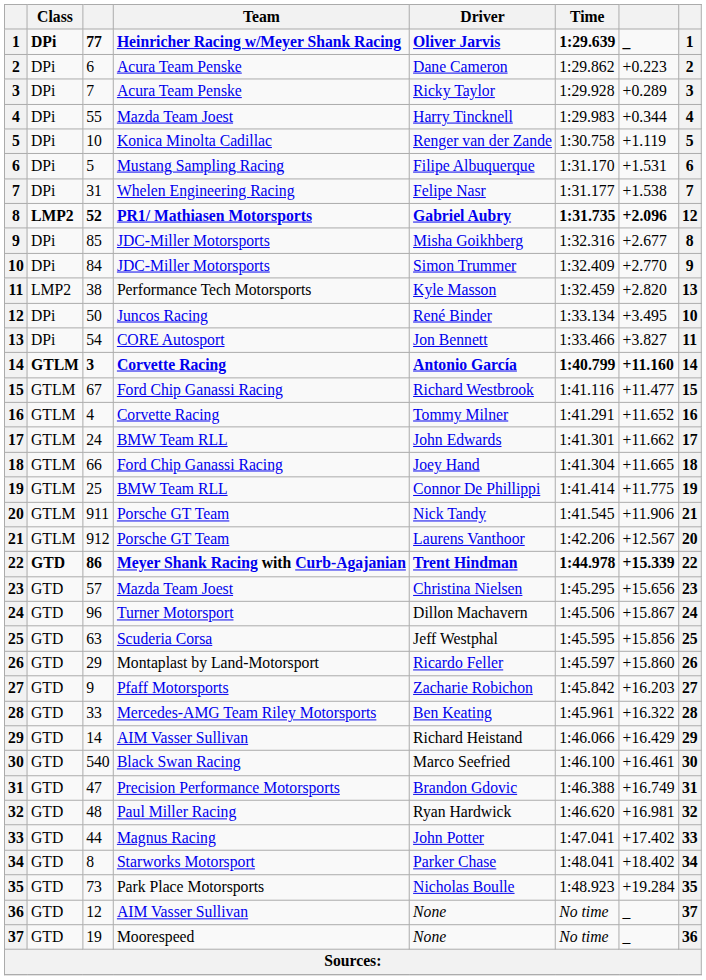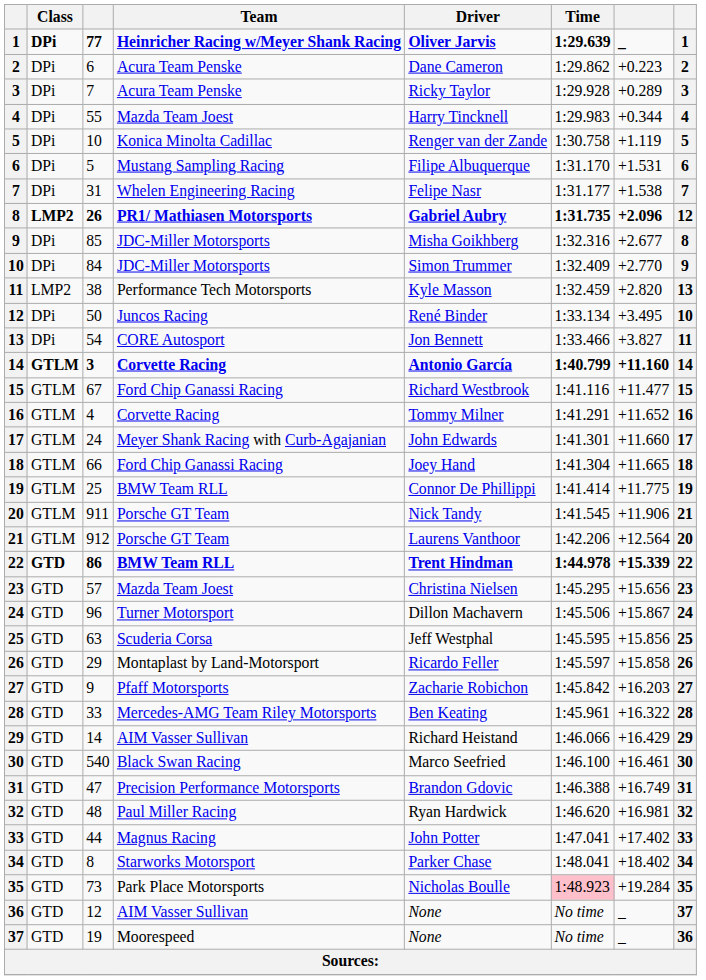 <table class="wikitable">
 <tr>
 <th scope="col"></th>
 <th scope="col">Class</th>
 <th scope="col"></th>
 <th scope="col">Team</th>
 <th scope="col">Driver</th>
 <th scope="col">Time</th>
 <th scope="col"></th>
 <th scope="col"></th>
 </tr>
 <tr style="font-weight:bold">
 <th scope="row">1</th>
 <td>DPi</td>
 <td>77</td>
 <td> <a href='#'>Heinricher Racing w/Meyer Shank Racing</a></td>
 <td> <a href='#'>Oliver Jarvis</a></td>
 <td>1:29.639</td>
 <td>_</td>
 <th>1</th>
 </tr>
 <tr>
 <th scope="row">2</th>
 <td>DPi</td>
 <td>6</td>
 <td> <a href='#'>Acura Team Penske</a></td>
 <td> <a href='#'>Dane Cameron</a></td>
 <td>1:29.862</td>
 <td>+0.223</td>
 <th>2</th>
 </tr>
 <tr>
 <th scope="row">3</th>
 <td>DPi</td>
 <td>7</td>
 <td> <a href='#'>Acura Team Penske</a></td>
 <td> <a href='#'>Ricky Taylor</a></td>
 <td>1:29.928</td>
 <td>+0.289</td>
 <th>3</th>
 </tr>
 <tr>
 <th scope="row">4</th>
 <td>DPi</td>
 <td>55</td>
 <td> <a href='#'>Mazda Team Joest</a></td>
 <td> <a href='#'>Harry Tincknell</a></td>
 <td>1:29.983</td>
 <td>+0.344</td>
 <th>4</th>
 </tr>
 <tr>
 <th scope="row">5</th>
 <td>DPi</td>
 <td>10</td>
 <td> <a href='#'>Konica Minolta Cadillac</a></td>
 <td> <a href='#'>Renger van der Zande</a></td>
 <td>1:30.758</td>
 <td>+1.119</td>
 <th>5</th>
 </tr>
 <tr>
 <th scope="row">6</th>
 <td>DPi</td>
 <td>5</td>
 <td> <a href='#'>Mustang Sampling Racing</a></td>
 <td> <a href='#'>Filipe Albuquerque</a></td>
 <td>1:31.170</td>
 <td>+1.531</td>
 <th>6</th>
 </tr>
 <tr>
 <th scope="row">7</th>
 <td>DPi</td>
 <td>31</td>
 <td> <a href='#'>Whelen Engineering Racing</a></td>
 <td> <a href='#'>Felipe Nasr</a></td>
 <td>1:31.177</td>
 <td>+1.538</td>
 <th>7</th>
 </tr>
 <tr style="font-weight:bold">
 <th scope="row">8</th>
 <td>LMP2</td>
-<td>52</td>
+<td>26</td>
 <td> <a href='#'>PR1/ Mathiasen Motorsports</a></td>
 <td> <a href='#'>Gabriel Aubry</a></td>
 <td>1:31.735</td>
 <td>+2.096</td>
 <th>12</th>
 </tr>
 <tr>
 <th scope="row">9</th>
 <td>DPi</td>
 <td>85</td>
 <td> <a href='#'>JDC-Miller Motorsports</a></td>
 <td> <a href='#'>Misha Goikhberg</a></td>
 <td>1:32.316</td>
 <td>+2.677</td>
 <th>8</th>
 </tr>
 <tr>
 <th scope="row">10</th>
 <td>DPi</td>
 <td>84</td>
 <td> <a href='#'>JDC-Miller Motorsports</a></td>
 <td> <a href='#'>Simon Trummer</a></td>
 <td>1:32.409</td>
 <td>+2.770</td>
 <th>9</th>
 </tr>
 <tr>
 <th scope="row">11</th>
 <td>LMP2</td>
 <td>38</td>
 <td> Performance Tech Motorsports</td>
 <td> <a href='#'>Kyle Masson</a></td>
 <td>1:32.459</td>
 <td>+2.820</td>
 <th>13</th>
 </tr>
 <tr>
 <th scope="row">12</th>
 <td>DPi</td>
 <td>50</td>
 <td> <a href='#'>Juncos Racing</a></td>
 <td> <a href='#'>René Binder</a></td>
 <td>1:33.134</td>
 <td>+3.495</td>
 <th>10</th>
 </tr>
 <tr>
 <th scope="row">13</th>
 <td>DPi</td>
 <td>54</td>
 <td> <a href='#'>CORE Autosport</a></td>
 <td> <a href='#'>Jon Bennett</a></td>
 <td>1:33.466</td>
 <td>+3.827</td>
 <th>11</th>
 </tr>
 <tr style="font-weight:bold">
 <th scope="row">14</th>
 <td>GTLM</td>
 <td>3</td>
 <td> <a href='#'>Corvette Racing</a></td>
 <td> <a href='#'>Antonio García</a></td>
 <td>1:40.799</td>
 <td>+11.160</td>
 <th>14</th>
 </tr>
 <tr>
 <th scope="row">15</th>
 <td>GTLM</td>
 <td>67</td>
 <td> <a href='#'>Ford Chip Ganassi Racing</a></td>
 <td> <a href='#'>Richard Westbrook</a></td>
 <td>1:41.116</td>
 <td>+11.477</td>
 <th>15</th>
 </tr>
 <tr>
 <th scope="row">16</th>
 <td>GTLM</td>
 <td>4</td>
 <td> <a href='#'>Corvette Racing</a></td>
 <td> <a href='#'>Tommy Milner</a></td>
 <td>1:41.291</td>
 <td>+11.652</td>
 <th>16</th>
 </tr>
 <tr>
 <th scope="row">17</th>
 <td>GTLM</td>
 <td>24</td>
-<td> <a href='#'>BMW Team RLL</a></td>
+<td> <a href='#'>Meyer Shank Racing</a> with <a href='#'>Curb-Agajanian</a></td>
 <td> <a href='#'>John Edwards</a></td>
 <td>1:41.301</td>
-<td>+11.662</td>
+<td>+11.660</td>
 <th>17</th>
 </tr>
 <tr>
 <th scope="row">18</th>
 <td>GTLM</td>
 <td>66</td>
 <td> <a href='#'>Ford Chip Ganassi Racing</a></td>
 <td> <a href='#'>Joey Hand</a></td>
 <td>1:41.304</td>
 <td>+11.665</td>
 <th>18</th>
 </tr>
 <tr>
 <th scope="row">19</th>
 <td>GTLM</td>
 <td>25</td>
 <td> <a href='#'>BMW Team RLL</a></td>
 <td> <a href='#'>Connor De Phillippi</a></td>
 <td>1:41.414</td>
 <td>+11.775</td>
 <th>19</th>
 </tr>
 <tr>
 <th scope="row">20</th>
 <td>GTLM</td>
 <td>911</td>
 <td> <a href='#'>Porsche GT Team</a></td>
 <td> <a href='#'>Nick Tandy</a></td>
 <td>1:41.545</td>
 <td>+11.906</td>
 <th>21</th>
 </tr>
 <tr>
 <th scope="row">21</th>
 <td>GTLM</td>
 <td>912</td>
 <td> <a href='#'>Porsche GT Team</a></td>
 <td> <a href='#'>Laurens Vanthoor</a></td>
 <td>1:42.206</td>
-<td>+12.567</td>
+<td>+12.564</td>
 <th>20</th>
 </tr>
 <tr style="font-weight:bold">
 <th scope="row">22</th>
 <td>GTD</td>
 <td>86</td>
-<td> <a href='#'>Meyer Shank Racing</a> with <a href='#'>Curb-Agajanian</a></td>
+<td> <a href='#'>BMW Team RLL</a></td>
 <td> <a href='#'>Trent Hindman</a></td>
 <td>1:44.978</td>
 <td>+15.339</td>
 <th>22</th>
 </tr>
 <tr>
 <th scope="row">23</th>
 <td>GTD</td>
 <td>57</td>
 <td> <a href='#'>Mazda Team Joest</a></td>
 <td> <a href='#'>Christina Nielsen</a></td>
 <td>1:45.295</td>
 <td>+15.656</td>
 <th>23</th>
 </tr>
 <tr>
 <th scope="row">24</th>
 <td>GTD</td>
 <td>96</td>
 <td> <a href='#'>Turner Motorsport</a></td>
 <td> Dillon Machavern</td>
 <td>1:45.506</td>
 <td>+15.867</td>
 <th>24</th>
 </tr>
 <tr>
 <th scope="row">25</th>
 <td>GTD</td>
 <td>63</td>
 <td> <a href='#'>Scuderia Corsa</a></td>
 <td> Jeff Westphal</td>
 <td>1:45.595</td>
 <td>+15.856</td>
 <th>25</th>
 </tr>
 <tr>
 <th scope="row">26</th>
 <td>GTD</td>
 <td>29</td>
 <td> Montaplast by Land-Motorsport</td>
 <td> <a href='#'>Ricardo Feller</a></td>
 <td>1:45.597</td>
-<td>+15.860</td>
+<td>+15.858</td>
 <th>26</th>
 </tr>
 <tr>
 <th scope="row">27</th>
 <td>GTD</td>
 <td>9</td>
 <td> <a href='#'>Pfaff Motorsports</a></td>
 <td> <a href='#'>Zacharie Robichon</a></td>
 <td>1:45.842</td>
 <td>+16.203</td>
 <th>27</th>
 </tr>
 <tr>
 <th scope="row">28</th>
 <td>GTD</td>
 <td>33</td>
 <td> <a href='#'>Mercedes-AMG Team Riley Motorsports</a></td>
 <td> <a href='#'>Ben Keating</a></td>
 <td>1:45.961</td>
 <td>+16.322</td>
 <th>28</th>
 </tr>
 <tr>
 <th scope="row">29</th>
 <td>GTD</td>
 <td>14</td>
 <td> <a href='#'>AIM Vasser Sullivan</a></td>
 <td> Richard Heistand</td>
 <td>1:46.066</td>
 <td>+16.429</td>
 <th>29</th>
 </tr>
 <tr>
 <th scope="row">30</th>
 <td>GTD</td>
 <td>540</td>
 <td> <a href='#'>Black Swan Racing</a></td>
 <td> Marco Seefried</td>
 <td>1:46.100</td>
 <td>+16.461</td>
 <th>30</th>
 </tr>
 <tr>
 <th scope="row">31</th>
 <td>GTD</td>
 <td>47</td>
 <td> <a href='#'>Precision Performance Motorsports</a></td>
 <td> <a href='#'>Brandon Gdovic</a></td>
 <td>1:46.388</td>
 <td>+16.749</td>
 <th>31</th>
 </tr>
 <tr>
 <th scope="row">32</th>
 <td>GTD</td>
 <td>48</td>
 <td> <a href='#'>Paul Miller Racing</a></td>
 <td> Ryan Hardwick</td>
 <td>1:46.620</td>
 <td>+16.981</td>
 <th>32</th>
 </tr>
 <tr>
 <th scope="row">33</th>
 <td>GTD</td>
 <td>44</td>
 <td> <a href='#'>Magnus Racing</a></td>
 <td> <a href='#'>John Potter</a></td>
 <td>1:47.041</td>
 <td>+17.402</td>
 <th>33</th>
 </tr>
 <tr>
 <th scope="row">34</th>
 <td>GTD</td>
 <td>8</td>
 <td> <a href='#'>Starworks Motorsport</a></td>
 <td> <a href='#'>Parker Chase</a></td>
 <td>1:48.041</td>
 <td>+18.402</td>
 <th>34</th>
 </tr>
 <tr>
 <th scope="row">35</th>
 <td>GTD</td>
 <td>73</td>
 <td> Park Place Motorsports</td>
 <td> <a href='#'>Nicholas Boulle</a></td>
-<td>1:48.923</td>
+<td style="background: pink;">1:48.923</td>
 <td>+19.284</td>
 <th>35</th>
 </tr>
 <tr>
 <th scope="row">36</th>
 <td>GTD</td>
 <td>12</td>
 <td> <a href='#'>AIM Vasser Sullivan</a></td>
 <td><em>None</em></td>
 <td><em>No time</em></td>
 <td>_</td>
 <th>37</th>
 </tr>
 <tr>
 <th scope="row">37</th>
 <td>GTD</td>
 <td>19</td>
 <td> Moorespeed</td>
 <td><em>None</em></td>
 <td><em>No time</em></td>
 <td>_</td>
 <th>36</th>
 </tr>
 <tr>
 <th colspan="8">Sources:</th>
 </tr>
 <tr>
 </tr>
 </table>
